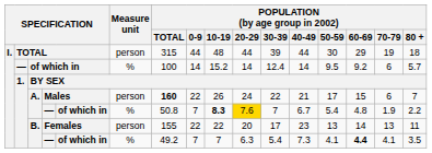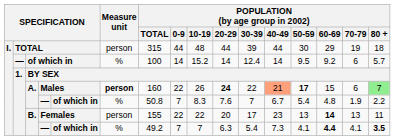 <table class="wikitable" style="font-size:85%; text-align:center">
 <tr>
 <th rowspan="2" colspan="5">SPECIFICATION</th>
 <th rowspan="2">Measure<br> unit</th>
 <th colspan="10" rowspan="1">POPULATION<br> (by age group in 2002)</th>
 </tr>
 <tr>
 <th>TOTAL</th>
 <th>0-9</th>
 <th>10-19</th>
 <th>20-29</th>
 <th>30-39</th>
 <th>40-49</th>
 <th>50-59</th>
 <th>60-69</th>
 <th>70-79</th>
 <th>80 +</th>
 </tr>
 <tr>
 <th style="text-align:left" valign="top" rowspan="7">I.</th>
 <th style="text-align:left" colspan="4">TOTAL</th>
 <td>person</td>
 <td>315</td>
 <td>44</td>
 <td>48</td>
 <td>44</td>
 <td>39</td>
 <td>44</td>
 <td>30</td>
 <td>29</td>
 <td>19</td>
 <td>18</td>
 </tr>
 <tr>
 <th style="text-align:left" valign="top">—</th>
 <th style="text-align:left" colspan="3">of which in</th>
 <td>%</td>
 <td>100</td>
 <td>14</td>
 <td>15.2</td>
 <td>14</td>
 <td>12.4</td>
 <td>14</td>
 <td>9.5</td>
 <td>9.2</td>
 <td>6</td>
 <td>5.7</td>
 </tr>
 <tr>
 <th style="text-align:left" valign="top" rowspan="5">1.</th>
 <th style="text-align:left" colspan="14">BY SEX</th>
 </tr>
 <tr>
 <th style="text-align:left" valign="top" rowspan="2">A.</th>
 <th style="text-align:left" colspan="2">Males</th>
-<td>person</td>
-<td><strong>160</strong></td>
+<td><strong>person</strong></td>
+<td>160</td>
 <td>22</td>
 <td>26</td>
-<td>24</td>
+<td><strong>24</strong></td>
 <td>22</td>
-<td>21</td>
-<td>17</td>
+<td style="background: lightsalmon;">21</td>
+<td><strong>17</strong></td>
 <td>15</td>
 <td>6</td>
-<td>7</td>
+<td style="background: lightgreen;">7</td>
 </tr>
 <tr>
 <th style="text-align:left" valign="top">—</th>
 <th style="text-align:left" colspan="1">of which in</th>
 <td>%</td>
 <td>50.8</td>
 <td>7</td>
-<td><strong>8.3</strong></td>
-<td style="background: gold;">7.6</td>
+<td>8.3</td>
+<td>7.6</td>
 <td>7</td>
 <td>6.7</td>
 <td>5.4</td>
 <td>4.8</td>
 <td>1.9</td>
 <td>2.2</td>
 </tr>
 <tr>
 <th style="text-align:left" valign="top" rowspan="2">B.</th>
 <th style="text-align:left" colspan="2">Females</th>
 <td>person</td>
 <td>155</td>
 <td>22</td>
 <td>22</td>
 <td>20</td>
 <td>17</td>
 <td>23</td>
 <td>13</td>
-<td>14</td>
+<td><strong>14</strong></td>
 <td>13</td>
 <td>11</td>
 </tr>
 <tr>
 <th style="text-align:left" valign="top">—</th>
 <th style="text-align:left" colspan="1">of which in</th>
 <td>%</td>
 <td>49.2</td>
 <td>7</td>
 <td>7</td>
 <td>6.3</td>
 <td>5.4</td>
 <td>7.3</td>
 <td>4.1</td>
 <td><strong>4.4</strong></td>
 <td>4.1</td>
-<td>3.5</td>
+<td><strong>3.5</strong></td>
 </tr>
 </table>
